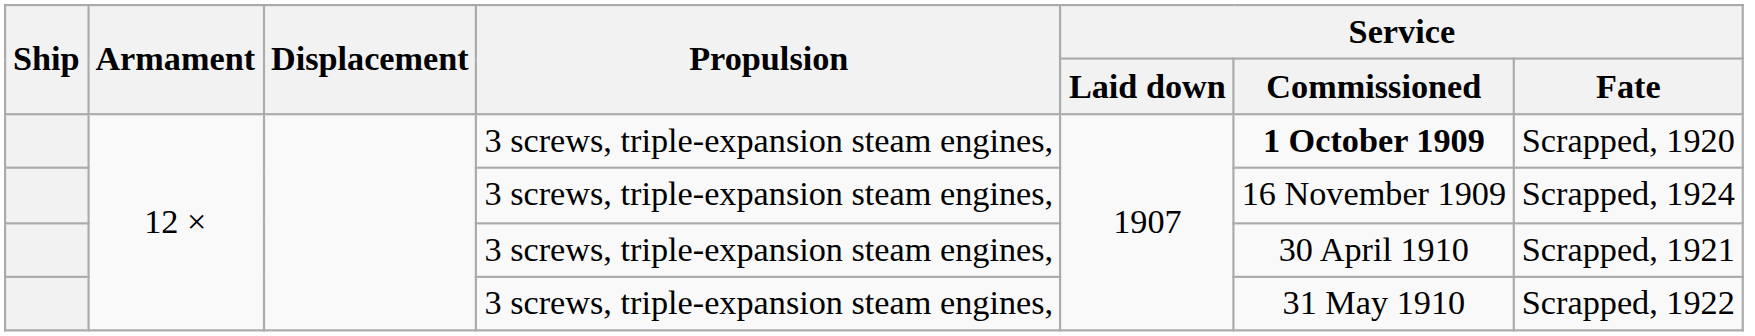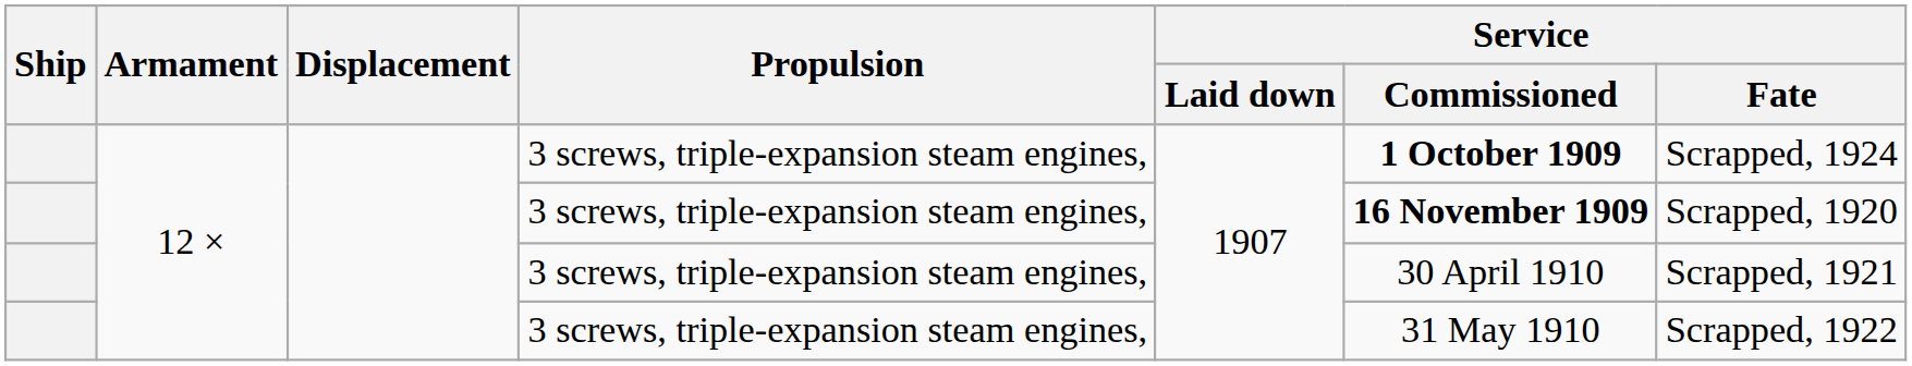 <table class="wikitable plainrowheaders" style="text-align: center;">
 <tr valign="center">
 <th scope="col" rowspan="2">Ship</th>
 <th scope="col" rowspan="2">Armament</th>
 <th scope="col" rowspan="2">Displacement</th>
 <th scope="col" rowspan="2">Propulsion</th>
 <th scope="col" colspan="3">Service</th>
 </tr>
 <tr valign="center">
 <th scope="col">Laid down</th>
 <th scope="col">Commissioned</th>
 <th scope="col">Fate</th>
 </tr>
 <tr valign="center">
 <th scope="row"></th>
 <td rowspan="4">12 × </td>
 <td rowspan="4"></td>
 <td>3 screws, triple-expansion steam engines, </td>
 <td rowspan="4">1907</td>
 <td><strong>1 October 1909</strong></td>
-<td>Scrapped, 1920</td>
+<td>Scrapped, 1924</td>
 </tr>
 <tr valign="center">
 <th scope="row"></th>
 <td>3 screws, triple-expansion steam engines, </td>
-<td>16 November 1909</td>
-<td>Scrapped, 1924</td>
+<td><strong>16 November 1909</strong></td>
+<td>Scrapped, 1920</td>
 </tr>
 <tr valign="center">
 <th scope="row"></th>
 <td>3 screws, triple-expansion steam engines, </td>
 <td>30 April 1910</td>
 <td>Scrapped, 1921</td>
 </tr>
 <tr valign="center">
 <th scope="row"></th>
 <td>3 screws, triple-expansion steam engines, </td>
 <td>31 May 1910</td>
 <td>Scrapped, 1922</td>
 </tr>
 </table>
